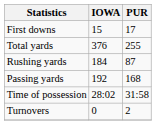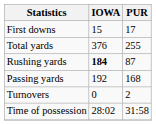 <table class="wikitable">
 <tr>
 <th>Statistics</th>
 <th>IOWA</th>
 <th>PUR</th>
 </tr>
 <tr>
 <td>First downs</td>
 <td>15</td>
 <td>17</td>
 </tr>
 <tr>
 <td>Total yards</td>
 <td>376</td>
 <td>255</td>
 </tr>
 <tr>
 <td>Rushing yards</td>
-<td>184</td>
+<td><strong>184</strong></td>
 <td>87</td>
 </tr>
 <tr>
 <td>Passing yards</td>
 <td>192</td>
 <td>168</td>
 </tr>
 <tr>
+<td>Turnovers</td>
+<td>0</td>
+<td>2</td>
+</tr>
+<tr>
 <td>Time of possession</td>
 <td>28:02</td>
 <td>31:58</td>
 </tr>
 <tr>
-<td>Turnovers</td>
-<td>0</td>
-<td>2</td>
-</tr>
-<tr>
 </tr>
 </table>
